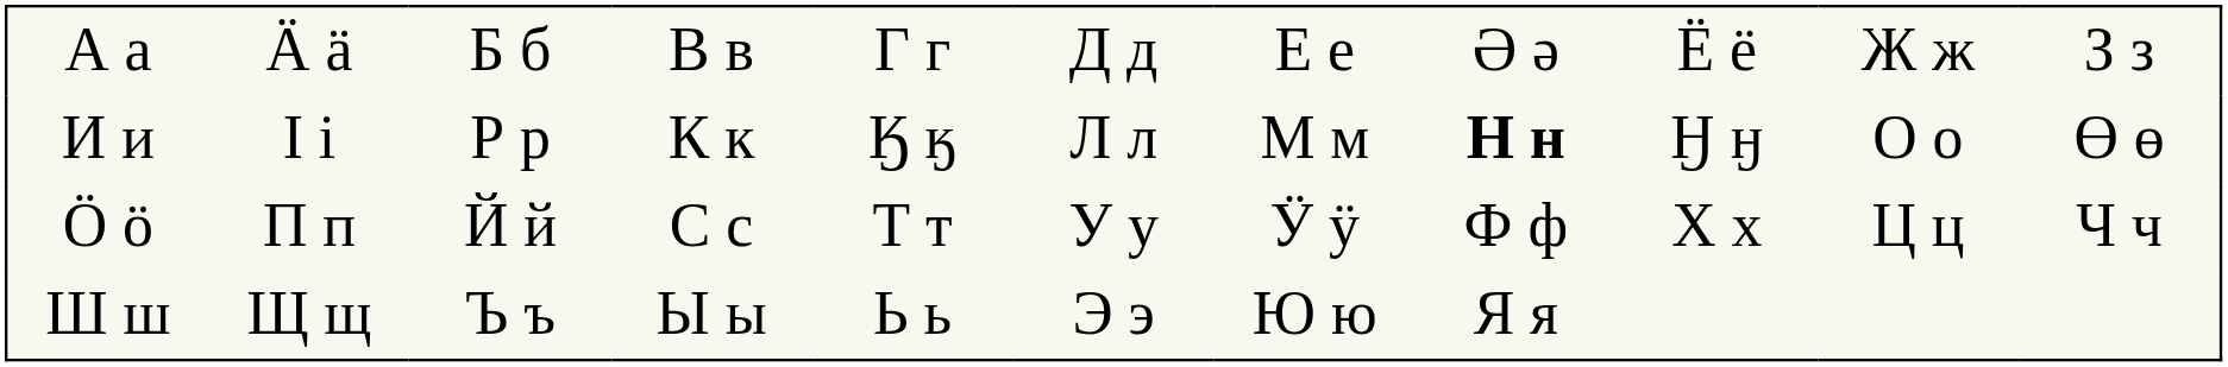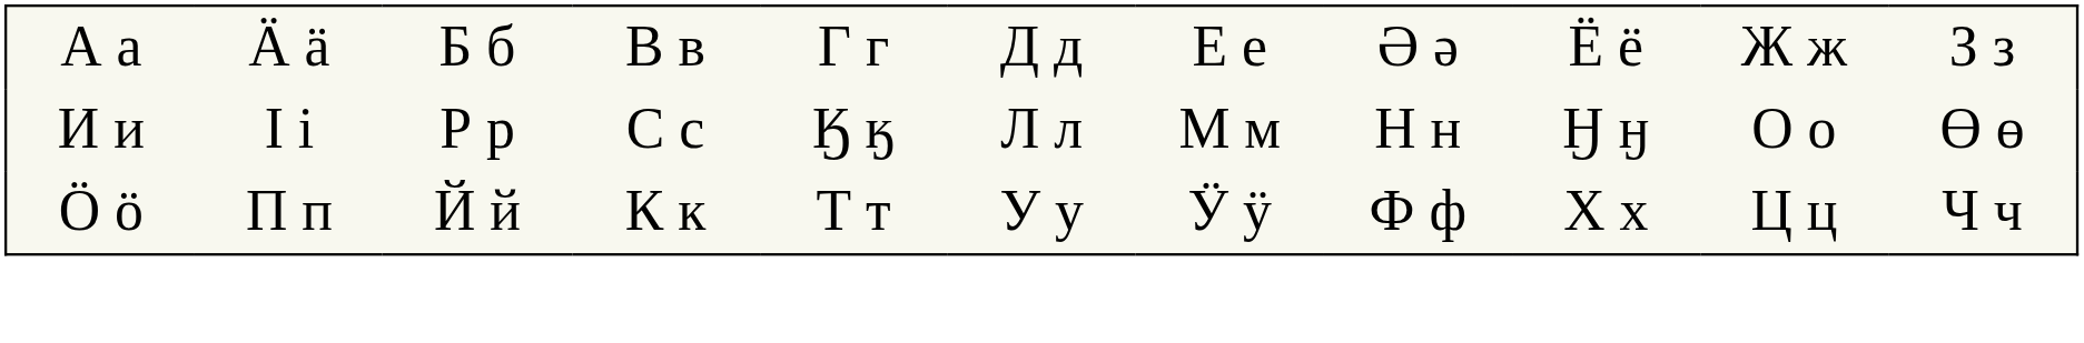 <table style="font-family:Arial Unicode MS; font-size:1.4em; border-color:#000000; border-width:1px; border-style:solid; border-collapse:collapse; background-color:#F8F8EF">
 <tr>
 <td style="width:3em; text-align:center; padding: 3px;">А а</td>
 <td style="width:3em; text-align:center; padding: 3px;">Ӓ ӓ</td>
 <td style="width:3em; text-align:center; padding: 3px;">Б б</td>
 <td style="width:3em; text-align:center; padding: 3px;">В в</td>
 <td style="width:3em; text-align:center; padding: 3px;">Г г</td>
 <td style="width:3em; text-align:center; padding: 3px;">Д д</td>
 <td style="width:3em; text-align:center; padding: 3px;">Е е</td>
 <td style="width:3em; text-align:center; padding: 3px;">Ә ә</td>
 <td style="width:3em; text-align:center; padding: 3px;">Ё ё</td>
 <td style="width:3em; text-align:center; padding: 3px;">Ж ж</td>
 <td style="width:3em; text-align:center; padding: 3px;">З з</td>
 </tr>
 <tr>
 <td style="width:3em; text-align:center; padding: 3px;">И и</td>
 <td style="width:3em; text-align:center; padding: 3px;">І і</td>
 <td style="width:3em; text-align:center; padding: 3px;">Р р</td>
-<td style="width:3em; text-align:center; padding: 3px;">К к</td>
+<td style="width:3em; text-align:center; padding: 3px;">С с</td>
 <td style="width:3em; text-align:center; padding: 3px;">Ӄ ӄ</td>
 <td style="width:3em; text-align:center; padding: 3px;">Л л</td>
 <td style="width:3em; text-align:center; padding: 3px;">М м</td>
-<td style="width:3em; text-align:center; padding: 3px;"><strong>Н н</strong></td>
+<td style="width:3em; text-align:center; padding: 3px;">Н н</td>
 <td style="width:3em; text-align:center; padding: 3px;">Ӈ ӈ</td>
 <td style="width:3em; text-align:center; padding: 3px;">O o</td>
 <td style="width:3em; text-align:center; padding: 3px;">Ө ө</td>
 </tr>
 <tr>
 <td style="width:3em; text-align:center; padding: 3px;">Ӧ ӧ</td>
 <td style="width:3em; text-align:center; padding: 3px;">П п</td>
 <td style="width:3em; text-align:center; padding: 3px;">Й й</td>
-<td style="width:3em; text-align:center; padding: 3px;">С с</td>
+<td style="width:3em; text-align:center; padding: 3px;">К к</td>
 <td style="width:3em; text-align:center; padding: 3px;">Т т</td>
 <td style="width:3em; text-align:center; padding: 3px;">У у</td>
 <td style="width:3em; text-align:center; padding: 3px;">Ӱ ӱ</td>
 <td style="width:3em; text-align:center; padding: 3px;">Ф ф</td>
 <td style="width:3em; text-align:center; padding: 3px;">Х х</td>
 <td style="width:3em; text-align:center; padding: 3px;">Ц ц</td>
 <td style="width:3em; text-align:center; padding: 3px;">Ч ч</td>
 </tr>
-<tr>
-<td style="width:3em; text-align:center; padding: 3px;">Ш ш</td>
-<td style="width:3em; text-align:center; padding: 3px;">Щ щ</td>
-<td style="width:3em; text-align:center; padding: 3px;">Ъ ъ</td>
-<td style="width:3em; text-align:center; padding: 3px;">Ы ы</td>
-<td style="width:3em; text-align:center; padding: 3px;">Ь ь</td>
-<td style="width:3em; text-align:center; padding: 3px;">Э э</td>
-<td style="width:3em; text-align:center; padding: 3px;">Ю ю</td>
-<td style="width:3em; text-align:center; padding: 3px;">Я я</td>
-<td></td>
-<td></td>
-<td></td>
-</tr>
 </table>
